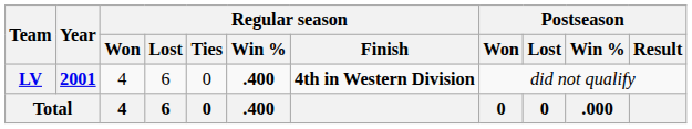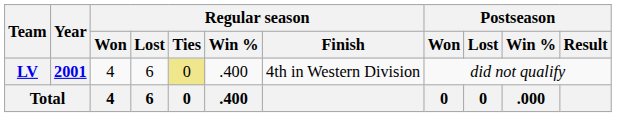 <table class="wikitable" style="font-size: 95%; text-align:center;">
 <tr>
 <th rowspan="2">Team</th>
 <th rowspan="2">Year</th>
 <th colspan="5">Regular season</th>
 <th colspan="4">Postseason</th>
 </tr>
 <tr>
 <th>Won</th>
 <th>Lost</th>
 <th>Ties</th>
 <th>Win %</th>
 <th>Finish</th>
 <th>Won</th>
 <th>Lost</th>
 <th>Win %</th>
 <th>Result</th>
 </tr>
 <tr>
 <th><a href='#'>LV</a></th>
 <th><a href='#'>2001</a></th>
 <td>4</td>
 <td>6</td>
-<td>0</td>
-<td><strong>.400</strong></td>
-<td><strong>4th in Western Division</strong></td>
+<td style="background: khaki;">0</td>
+<td>.400</td>
+<td>4th in Western Division</td>
 <td colspan="4"><em>did not qualify</em></td>
 </tr>
 <tr>
 <th colspan="2">Total</th>
 <th>4</th>
 <th>6</th>
 <th>0</th>
 <th>.400</th>
 <th></th>
 <th>0</th>
 <th>0</th>
 <th>.000</th>
 <th></th>
 </tr>
 </table>
